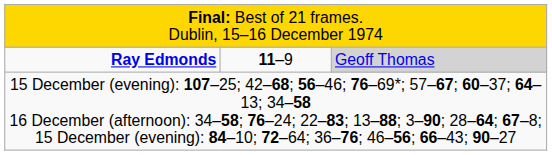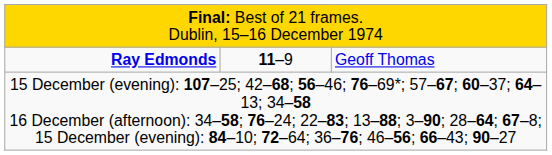 <table class="wikitable" style="font-size: 95%; margin: 1em auto 1em auto;">
 <tr>
 <td colspan="3" align="center" bgcolor="#ffd700"><strong>Final:</strong> Best of 21 frames.<br>Dublin, 15–16 December 1974</td>
 </tr>
 <tr>
 <td width="200" align="right"><strong><a href='#'>Ray Edmonds</a></strong> <br></td>
 <td width="100" align="center"><strong>11</strong>–9</td>
-<td width="200" style="background: lightgrey;"><a href='#'>Geoff Thomas</a> <br></td>
+<td width="200"><a href='#'>Geoff Thomas</a> <br></td>
 </tr>
 <tr>
 <td colspan="3" align="center" style="font-size: 100%">15 December (evening): <strong>107</strong>–25; 42–<strong>68</strong>; <strong>56</strong>–46; <strong>76</strong>–69*; 57–<strong>67</strong>; <strong>60</strong>–37; <strong>64</strong>–13; 34–<strong>58</strong><br>16 December (afternoon): 34–<strong>58</strong>; <strong>76</strong>–24; 22–<strong>83</strong>; 13–<strong>88</strong>; 3–<strong>90</strong>; 28–<strong>64</strong>; <strong>67</strong>–8; 15 December (evening): <strong>84</strong>–10; <strong>72</strong>–64; 36–<strong>76</strong>; 46–<strong>56</strong>; <strong>66</strong>–43; <strong>90</strong>–27</td>
 </tr>
 </table>
